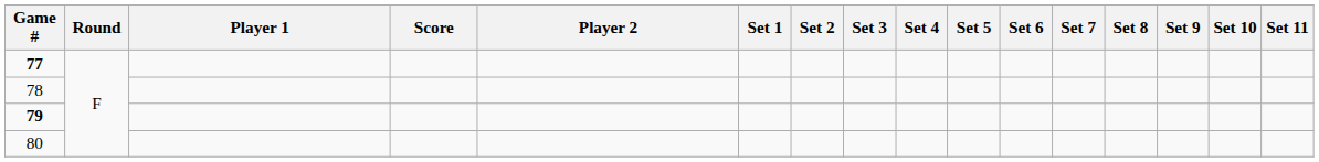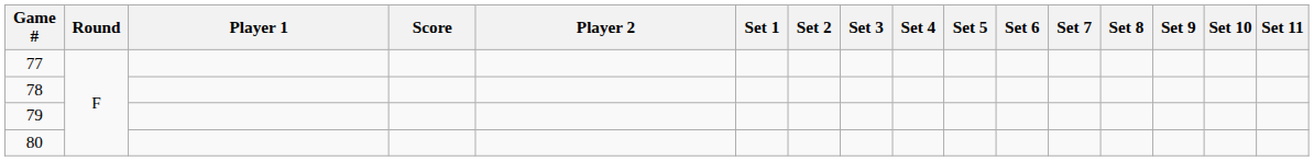 <table class="wikitable">
 <tr>
 <th width="2%">Game #</th>
 <th width="2%">Round</th>
 <th width="15%">Player 1</th>
 <th width="5%">Score</th>
 <th width="15%">Player 2</th>
 <th width="3%">Set 1</th>
 <th width="3%">Set 2</th>
 <th width="3%">Set 3</th>
 <th width="3%">Set 4</th>
 <th width="3%">Set 5</th>
 <th width="3%">Set 6</th>
 <th width="3%">Set 7</th>
 <th width="3%">Set 8</th>
 <th width="3%">Set 9</th>
 <th width="3%">Set 10</th>
 <th width="3%">Set 11</th>
 </tr>
 <tr style=text-align:center;>
-<td><strong>77</strong></td>
+<td>77</td>
 <td rowspan=4>F</td>
 <td></td>
 <td></td>
 <td></td>
 <td></td>
 <td></td>
 <td></td>
 <td></td>
 <td></td>
 <td></td>
 <td></td>
 <td></td>
 <td></td>
 <td></td>
 <td></td>
 </tr>
 <tr style=text-align:center;>
 <td>78</td>
 <td></td>
 <td></td>
 <td></td>
 <td></td>
 <td></td>
 <td></td>
 <td></td>
 <td></td>
 <td></td>
 <td></td>
 <td></td>
 <td></td>
 <td></td>
 <td></td>
 </tr>
 <tr style=text-align:center;>
-<td><strong>79</strong></td>
+<td>79</td>
 <td></td>
 <td></td>
 <td></td>
 <td></td>
 <td></td>
 <td></td>
 <td></td>
 <td></td>
 <td></td>
 <td></td>
 <td></td>
 <td></td>
 <td></td>
 <td></td>
 </tr>
 <tr style=text-align:center;>
 <td>80</td>
 <td></td>
 <td></td>
 <td></td>
 <td></td>
 <td></td>
 <td></td>
 <td></td>
 <td></td>
 <td></td>
 <td></td>
 <td></td>
 <td></td>
 <td></td>
 <td></td>
 </tr>
 </table>
